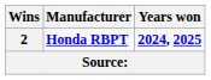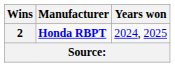 <table class="wikitable" style="font-size: 95%;">
 <tr>
 <th>Wins</th>
 <th>Manufacturer</th>
 <th>Years won</th>
 </tr>
 <tr>
 <th>2</th>
 <td> <strong><a href='#'>Honda RBPT</a></strong></td>
-<td><strong><a href='#'>2024</a>, <a href='#'>2025</a></strong></td>
+<td><a href='#'>2024</a>, <a href='#'>2025</a></td>
 </tr>
 <tr>
 <th colspan=3>Source:</th>
 </tr>
 </table>
